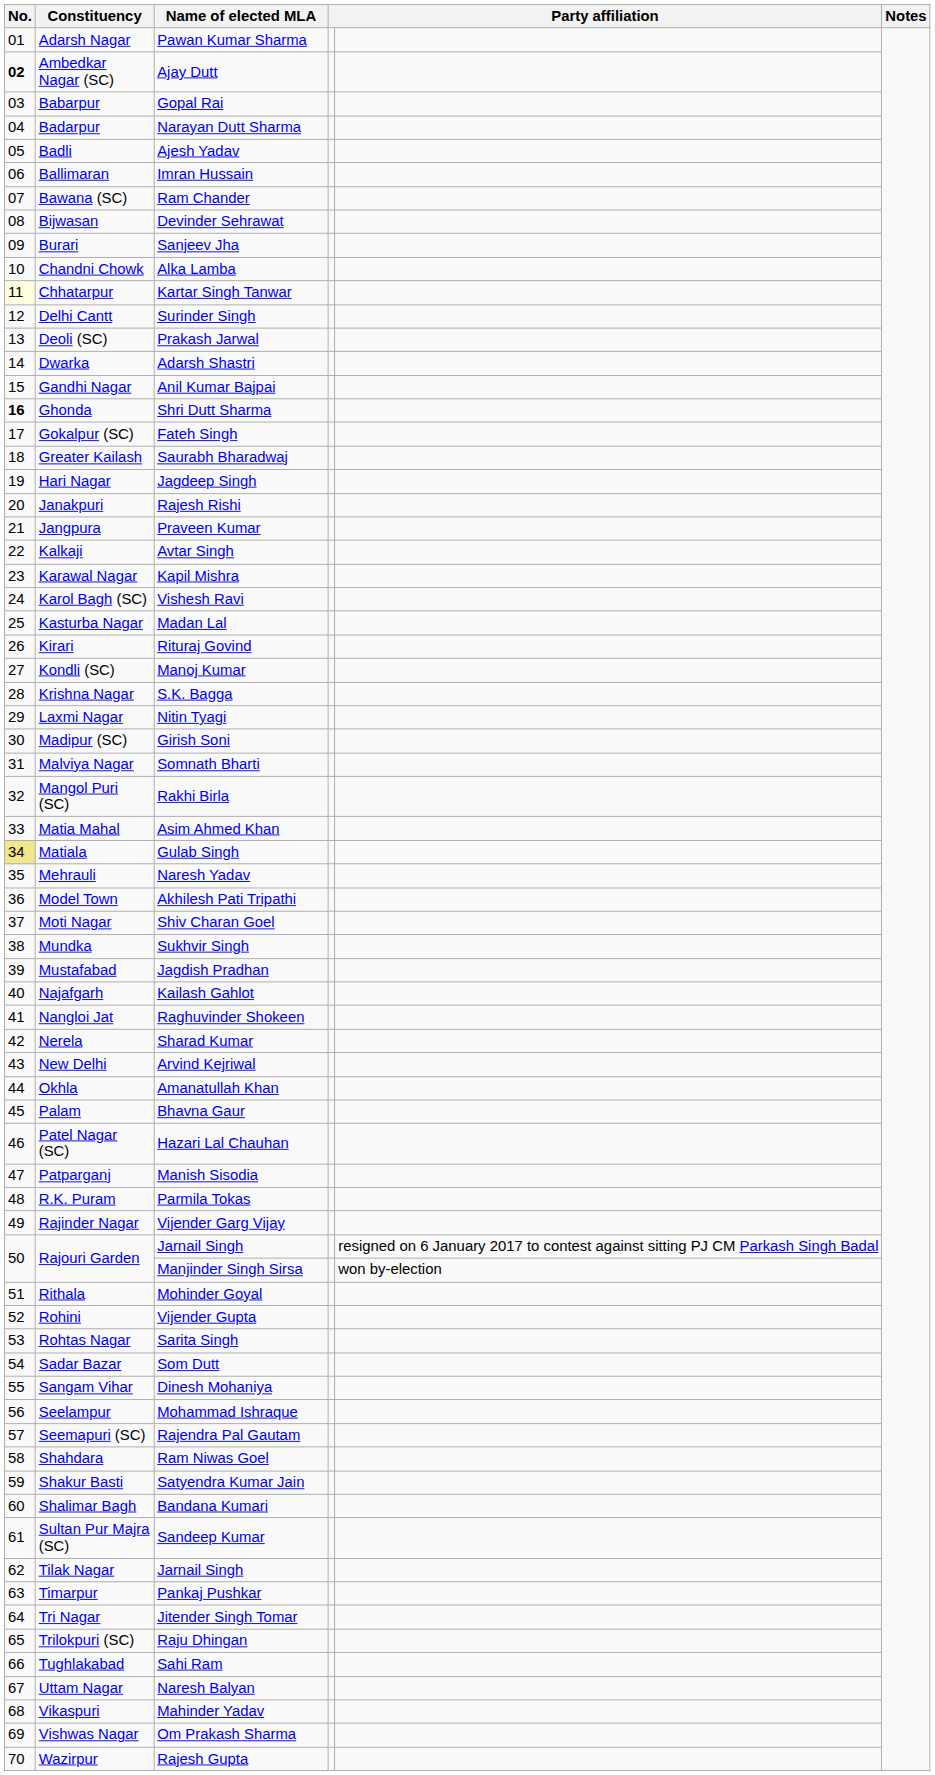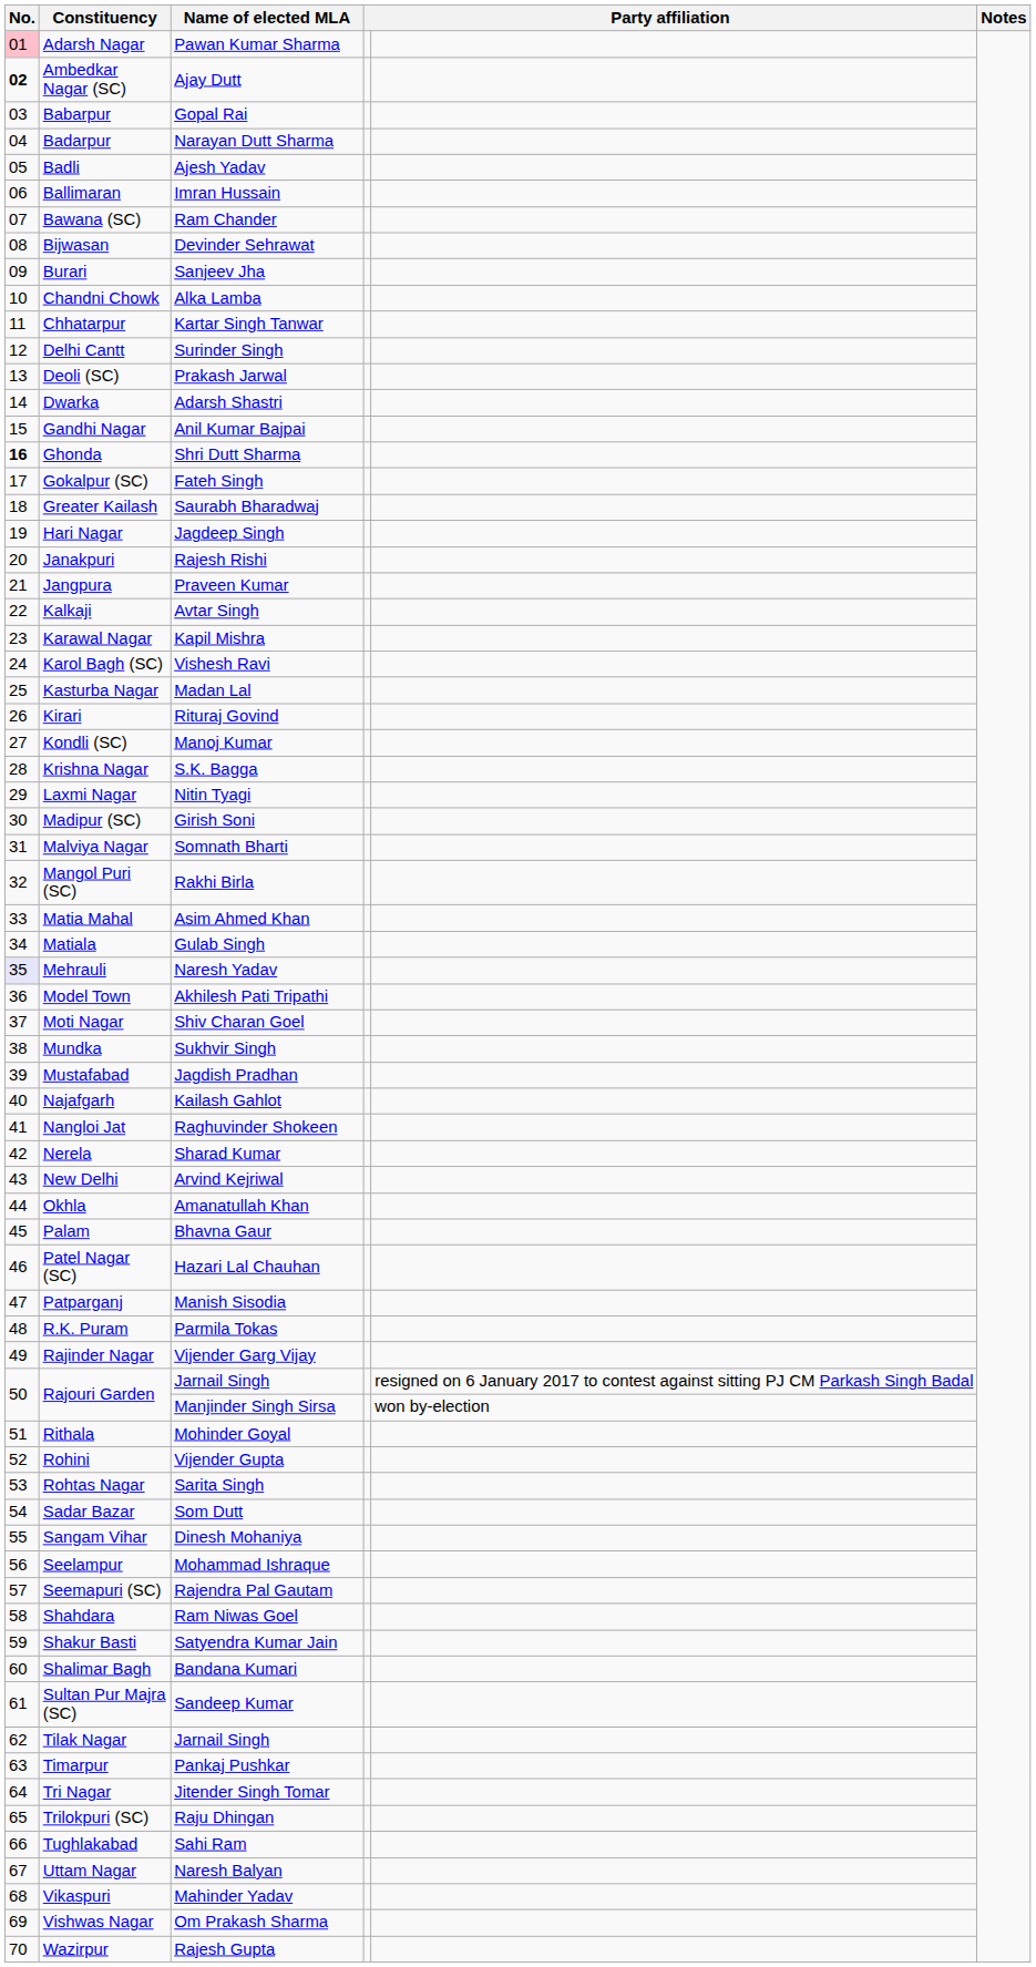 <table class="sortable wikitable">
 <tr>
 <th>No.</th>
 <th style="width:120px">Constituency</th>
 <th style="width:180px">Name of elected MLA</th>
 <th colspan="2">Party affiliation</th>
 <th>Notes</th>
 </tr>
 <tr>
-<td>01</td>
+<td style="background: pink;">01</td>
 <td><a href='#'>Adarsh Nagar</a></td>
 <td><a href='#'>Pawan Kumar Sharma</a></td>
 <td></td>
 <td></td>
 </tr>
 <tr>
 <td><strong>02</strong></td>
 <td><a href='#'>Ambedkar  Nagar</a> (SC)</td>
 <td><a href='#'>Ajay Dutt</a></td>
 <td></td>
 <td></td>
 </tr>
 <tr>
 <td>03</td>
 <td><a href='#'>Babarpur</a></td>
 <td><a href='#'>Gopal Rai</a></td>
 <td></td>
 <td></td>
 </tr>
 <tr>
 <td>04</td>
 <td><a href='#'>Badarpur</a></td>
 <td><a href='#'>Narayan Dutt Sharma</a></td>
 <td></td>
 <td></td>
 </tr>
 <tr>
 <td>05</td>
 <td><a href='#'>Badli</a></td>
 <td><a href='#'>Ajesh Yadav</a></td>
 <td></td>
 <td></td>
 </tr>
 <tr>
 <td>06</td>
 <td><a href='#'>Ballimaran</a></td>
 <td><a href='#'>Imran Hussain</a></td>
 <td></td>
 <td></td>
 </tr>
 <tr>
 <td>07</td>
 <td><a href='#'>Bawana</a> (SC)</td>
 <td><a href='#'>Ram Chander</a></td>
 <td></td>
 <td></td>
 </tr>
 <tr>
 <td>08</td>
 <td><a href='#'>Bijwasan</a></td>
 <td><a href='#'>Devinder Sehrawat</a></td>
 <td></td>
 <td></td>
 </tr>
 <tr>
 <td>09</td>
 <td><a href='#'>Burari</a></td>
 <td><a href='#'>Sanjeev Jha</a></td>
 <td></td>
 <td></td>
 </tr>
 <tr>
 <td>10</td>
 <td><a href='#'>Chandni Chowk</a></td>
 <td><a href='#'>Alka Lamba</a></td>
 <td></td>
 <td></td>
 </tr>
 <tr>
-<td style="background: lightyellow;">11</td>
+<td>11</td>
 <td><a href='#'>Chhatarpur</a></td>
 <td><a href='#'>Kartar Singh Tanwar</a></td>
 <td></td>
 <td></td>
 </tr>
 <tr>
 <td>12</td>
 <td><a href='#'>Delhi Cantt</a></td>
 <td><a href='#'>Surinder Singh</a></td>
 <td></td>
 <td></td>
 </tr>
 <tr>
 <td>13</td>
 <td><a href='#'>Deoli</a> (SC)</td>
 <td><a href='#'>Prakash Jarwal</a></td>
 <td></td>
 <td></td>
 </tr>
 <tr>
 <td>14</td>
 <td><a href='#'>Dwarka</a></td>
 <td><a href='#'>Adarsh Shastri</a></td>
 <td></td>
 <td></td>
 </tr>
 <tr>
 <td>15</td>
 <td><a href='#'>Gandhi Nagar</a></td>
 <td><a href='#'>Anil Kumar Bajpai</a></td>
 <td></td>
 <td></td>
 </tr>
 <tr>
 <td><strong>16</strong></td>
 <td><a href='#'>Ghonda</a></td>
 <td><a href='#'>Shri Dutt Sharma</a></td>
 <td></td>
 <td></td>
 </tr>
 <tr>
 <td>17</td>
 <td><a href='#'>Gokalpur</a> (SC)</td>
 <td><a href='#'>Fateh Singh</a></td>
 <td></td>
 <td></td>
 </tr>
 <tr>
 <td>18</td>
 <td><a href='#'>Greater Kailash</a></td>
 <td><a href='#'>Saurabh Bharadwaj</a></td>
 <td></td>
 <td></td>
 </tr>
 <tr>
 <td>19</td>
 <td><a href='#'>Hari Nagar</a></td>
 <td><a href='#'>Jagdeep Singh</a></td>
 <td></td>
 <td></td>
 </tr>
 <tr>
 <td>20</td>
 <td><a href='#'>Janakpuri</a></td>
 <td><a href='#'>Rajesh Rishi</a></td>
 <td></td>
 <td></td>
 </tr>
 <tr>
 <td>21</td>
 <td><a href='#'>Jangpura</a></td>
 <td><a href='#'>Praveen Kumar</a></td>
 <td></td>
 <td></td>
 </tr>
 <tr>
 <td>22</td>
 <td><a href='#'>Kalkaji</a></td>
 <td><a href='#'>Avtar Singh</a></td>
 <td></td>
 <td></td>
 </tr>
 <tr>
 <td>23</td>
 <td><a href='#'>Karawal Nagar</a></td>
 <td><a href='#'>Kapil Mishra</a></td>
 <td></td>
 <td></td>
 </tr>
 <tr>
 <td>24</td>
 <td><a href='#'>Karol Bagh</a> (SC)</td>
 <td><a href='#'>Vishesh Ravi</a></td>
 <td></td>
 <td></td>
 </tr>
 <tr>
 <td>25</td>
 <td><a href='#'>Kasturba Nagar</a></td>
 <td><a href='#'>Madan Lal</a></td>
 <td></td>
 <td></td>
 </tr>
 <tr>
 <td>26</td>
 <td><a href='#'>Kirari</a></td>
 <td><a href='#'>Rituraj Govind</a></td>
 <td></td>
 <td></td>
 </tr>
 <tr>
 <td>27</td>
 <td><a href='#'>Kondli</a> (SC)</td>
 <td><a href='#'>Manoj Kumar</a></td>
 <td></td>
 <td></td>
 </tr>
 <tr>
 <td>28</td>
 <td><a href='#'>Krishna Nagar</a></td>
 <td><a href='#'>S.K. Bagga</a></td>
 <td></td>
 <td></td>
 </tr>
 <tr>
 <td>29</td>
 <td><a href='#'>Laxmi Nagar</a></td>
 <td><a href='#'>Nitin Tyagi</a></td>
 <td></td>
 <td></td>
 </tr>
 <tr>
 <td>30</td>
 <td><a href='#'>Madipur</a> (SC)</td>
 <td><a href='#'>Girish Soni</a></td>
 <td></td>
 <td></td>
 </tr>
 <tr>
 <td>31</td>
 <td><a href='#'>Malviya Nagar</a></td>
 <td><a href='#'>Somnath Bharti</a></td>
 <td></td>
 <td></td>
 </tr>
 <tr>
 <td>32</td>
 <td><a href='#'>Mangol Puri</a> (SC)</td>
 <td><a href='#'>Rakhi Birla</a></td>
 <td></td>
 <td></td>
 </tr>
 <tr>
 <td>33</td>
 <td><a href='#'>Matia Mahal</a></td>
 <td><a href='#'>Asim Ahmed Khan</a></td>
 <td></td>
 <td></td>
 </tr>
 <tr>
-<td style="background: khaki;">34</td>
+<td>34</td>
 <td><a href='#'>Matiala</a></td>
 <td><a href='#'>Gulab Singh</a></td>
 <td></td>
 <td></td>
 </tr>
 <tr>
-<td>35</td>
+<td style="background: lavender;">35</td>
 <td><a href='#'>Mehrauli</a></td>
 <td><a href='#'>Naresh Yadav</a></td>
 <td></td>
 <td></td>
 </tr>
 <tr>
 <td>36</td>
 <td><a href='#'>Model Town</a></td>
 <td><a href='#'>Akhilesh Pati Tripathi</a></td>
 <td></td>
 <td></td>
 </tr>
 <tr>
 <td>37</td>
 <td><a href='#'>Moti Nagar</a></td>
 <td><a href='#'>Shiv Charan Goel</a></td>
 <td></td>
 <td></td>
 </tr>
 <tr>
 <td>38</td>
 <td><a href='#'>Mundka</a></td>
 <td><a href='#'>Sukhvir Singh</a></td>
 <td></td>
 <td></td>
 </tr>
 <tr>
 <td>39</td>
 <td><a href='#'>Mustafabad</a></td>
 <td><a href='#'>Jagdish Pradhan</a></td>
 <td></td>
 <td></td>
 </tr>
 <tr>
 <td>40</td>
 <td><a href='#'>Najafgarh</a></td>
 <td><a href='#'>Kailash Gahlot</a></td>
 <td></td>
 <td></td>
 </tr>
 <tr>
 <td>41</td>
 <td><a href='#'>Nangloi Jat</a></td>
 <td><a href='#'>Raghuvinder Shokeen</a></td>
 <td></td>
 <td></td>
 </tr>
 <tr>
 <td>42</td>
 <td><a href='#'>Nerela</a></td>
 <td><a href='#'>Sharad Kumar</a></td>
 <td></td>
 <td></td>
 </tr>
 <tr>
 <td>43</td>
 <td><a href='#'>New Delhi</a></td>
 <td><a href='#'>Arvind Kejriwal</a></td>
 <td></td>
 <td></td>
 </tr>
 <tr>
 <td>44</td>
 <td><a href='#'>Okhla</a></td>
 <td><a href='#'>Amanatullah Khan</a></td>
 <td></td>
 <td></td>
 </tr>
 <tr>
 <td>45</td>
 <td><a href='#'>Palam</a></td>
 <td><a href='#'>Bhavna Gaur</a></td>
 <td></td>
 <td></td>
 </tr>
 <tr>
 <td>46</td>
 <td><a href='#'>Patel Nagar</a> (SC)</td>
 <td><a href='#'>Hazari Lal Chauhan</a></td>
 <td></td>
 <td></td>
 </tr>
 <tr>
 <td>47</td>
 <td><a href='#'>Patparganj</a></td>
 <td><a href='#'>Manish Sisodia</a></td>
 <td></td>
 <td></td>
 </tr>
 <tr>
 <td>48</td>
 <td><a href='#'>R.K. Puram</a></td>
 <td><a href='#'>Parmila Tokas</a></td>
 <td></td>
 <td></td>
 </tr>
 <tr>
 <td>49</td>
 <td><a href='#'>Rajinder Nagar</a></td>
 <td><a href='#'>Vijender Garg Vijay</a></td>
 <td></td>
 <td></td>
 </tr>
 <tr>
 <td rowspan="2">50</td>
 <td rowspan="2"><a href='#'>Rajouri Garden</a></td>
 <td><a href='#'>Jarnail Singh</a></td>
 <td></td>
 <td>resigned on 6 January 2017 to contest against sitting PJ CM <a href='#'>Parkash Singh Badal</a></td>
 </tr>
 <tr>
 <td><a href='#'>Manjinder Singh Sirsa</a></td>
 <td></td>
 <td>won by-election</td>
 </tr>
 <tr>
 <td>51</td>
 <td><a href='#'>Rithala</a></td>
 <td><a href='#'>Mohinder Goyal</a></td>
 <td></td>
 <td></td>
 </tr>
 <tr>
 <td>52</td>
 <td><a href='#'>Rohini</a></td>
 <td><a href='#'>Vijender Gupta</a></td>
 <td></td>
 <td></td>
 </tr>
 <tr>
 <td>53</td>
 <td><a href='#'>Rohtas Nagar</a></td>
 <td><a href='#'>Sarita Singh</a></td>
 <td></td>
 <td></td>
 </tr>
 <tr>
 <td>54</td>
 <td><a href='#'>Sadar Bazar</a></td>
 <td><a href='#'>Som Dutt</a></td>
 <td></td>
 <td></td>
 </tr>
 <tr>
 <td>55</td>
 <td><a href='#'>Sangam Vihar</a></td>
 <td><a href='#'>Dinesh Mohaniya</a></td>
 <td></td>
 <td></td>
 </tr>
 <tr>
 <td>56</td>
 <td><a href='#'>Seelampur</a></td>
 <td><a href='#'>Mohammad Ishraque</a></td>
 <td></td>
 <td></td>
 </tr>
 <tr>
 <td>57</td>
 <td><a href='#'>Seemapuri</a> (SC)</td>
 <td><a href='#'>Rajendra Pal Gautam</a></td>
 <td></td>
 <td></td>
 </tr>
 <tr>
 <td>58</td>
 <td><a href='#'>Shahdara</a></td>
 <td><a href='#'>Ram Niwas Goel</a></td>
 <td></td>
 <td></td>
 </tr>
 <tr>
 <td>59</td>
 <td><a href='#'>Shakur Basti</a></td>
 <td><a href='#'>Satyendra Kumar Jain</a></td>
 <td></td>
 <td></td>
 </tr>
 <tr>
 <td>60</td>
 <td><a href='#'>Shalimar Bagh</a></td>
 <td><a href='#'>Bandana Kumari</a></td>
 <td></td>
 <td></td>
 </tr>
 <tr>
 <td>61</td>
 <td><a href='#'>Sultan Pur Majra</a> (SC)</td>
 <td><a href='#'>Sandeep Kumar</a></td>
 <td></td>
 <td></td>
 </tr>
 <tr>
 <td>62</td>
 <td><a href='#'>Tilak Nagar</a></td>
 <td><a href='#'>Jarnail Singh</a></td>
 <td></td>
 <td></td>
 </tr>
 <tr>
 <td>63</td>
 <td><a href='#'>Timarpur</a></td>
 <td><a href='#'>Pankaj Pushkar</a></td>
 <td></td>
 <td></td>
 </tr>
 <tr>
 <td>64</td>
 <td><a href='#'>Tri Nagar</a></td>
 <td><a href='#'>Jitender Singh Tomar</a></td>
 <td></td>
 <td></td>
 </tr>
 <tr>
 <td>65</td>
 <td><a href='#'>Trilokpuri</a> (SC)</td>
 <td><a href='#'>Raju Dhingan</a></td>
 <td></td>
 <td></td>
 </tr>
 <tr>
 <td>66</td>
 <td><a href='#'>Tughlakabad</a></td>
 <td><a href='#'>Sahi Ram</a></td>
 <td></td>
 <td></td>
 </tr>
 <tr>
 <td>67</td>
 <td><a href='#'>Uttam Nagar</a></td>
 <td><a href='#'>Naresh Balyan</a></td>
 <td></td>
 <td></td>
 </tr>
 <tr>
 <td>68</td>
 <td><a href='#'>Vikaspuri</a></td>
 <td><a href='#'>Mahinder Yadav</a></td>
 <td></td>
 <td></td>
 </tr>
 <tr>
 <td>69</td>
 <td><a href='#'>Vishwas Nagar</a></td>
 <td><a href='#'>Om Prakash Sharma</a></td>
 <td></td>
 <td></td>
 </tr>
 <tr>
 <td>70</td>
 <td><a href='#'>Wazirpur</a></td>
 <td><a href='#'>Rajesh Gupta</a></td>
 <td></td>
 <td></td>
 </tr>
 </table>
